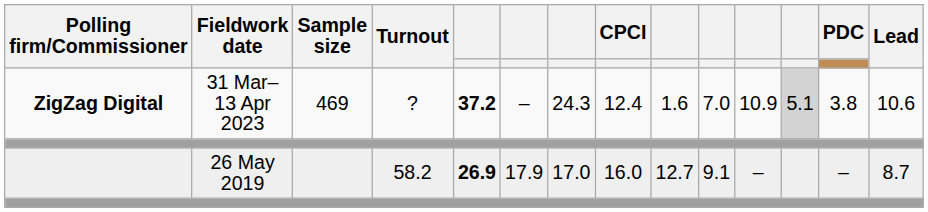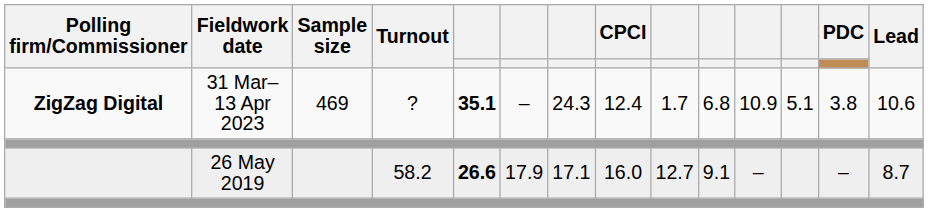 <table class="wikitable collapsible collapsed" style="text-align:center; font-size:95%; line-height:16px;">
 <tr style="height:42px;">
 <th style="width:250px;" rowspan="2">Polling firm/Commissioner</th>
 <th style="width:125px;" rowspan="2">Fieldwork date</th>
 <th style="width:50px;" rowspan="2">Sample size</th>
 <th style="width:45px;" rowspan="2">Turnout</th>
 <th style="width:35px;"></th>
 <th style="width:35px;"></th>
 <th style="width:35px;"></th>
 <th style="width:35px;">CPCI</th>
 <th style="width:35px;"></th>
 <th style="width:35px;"></th>
 <th style="width:35px;"></th>
 <th style="width:35px;"></th>
 <th style="width:35px;">PDC</th>
 <th style="width:30px;" rowspan="2">Lead</th>
 </tr>
 <tr>
 <th style="color:inherit;background:"></th>
 <th style="color:inherit;background:"></th>
 <th style="color:inherit;background:"></th>
 <th style="color:inherit;background:"></th>
 <th style="color:inherit;background:"></th>
 <th style="color:inherit;background:"></th>
 <th style="color:inherit;background:"></th>
 <th style="color:inherit;background:"></th>
 <th style="color:inherit;background:#C08D56;"></th>
 </tr>
 <tr>
 <td><strong>ZigZag Digital</strong></td>
 <td>31 Mar–13 Apr 2023</td>
 <td>469</td>
 <td>?</td>
-<td><strong>37.2</strong><br></td>
+<td><strong>35.1</strong><br></td>
 <td>–</td>
 <td>24.3<br></td>
 <td>12.4<br></td>
-<td>1.6<br></td>
-<td>7.0<br></td>
+<td>1.7<br></td>
+<td>6.8<br></td>
 <td>10.9<br></td>
-<td style="background: lightgrey;">5.1<br></td>
+<td>5.1<br></td>
 <td>3.8<br></td>
 <td style="background:">10.6</td>
 </tr>
 <tr>
 <td colspan="15" style="background:#A0A0A0"></td>
 </tr>
 <tr style="background:#EFEFEF;">
 <td><strong></strong></td>
 <td>26 May 2019</td>
 <td></td>
 <td>58.2</td>
-<td><strong>26.9</strong><br></td>
+<td><strong>26.6</strong><br></td>
 <td>17.9<br></td>
-<td>17.0<br></td>
+<td>17.1<br></td>
 <td>16.0<br></td>
 <td>12.7<br></td>
 <td>9.1<br></td>
 <td>–</td>
 <td></td>
 <td>–</td>
 <td style="background:">8.7</td>
 </tr>
 <tr>
 <td colspan="15" style="background:#A0A0A0"></td>
 </tr>
 </table>
